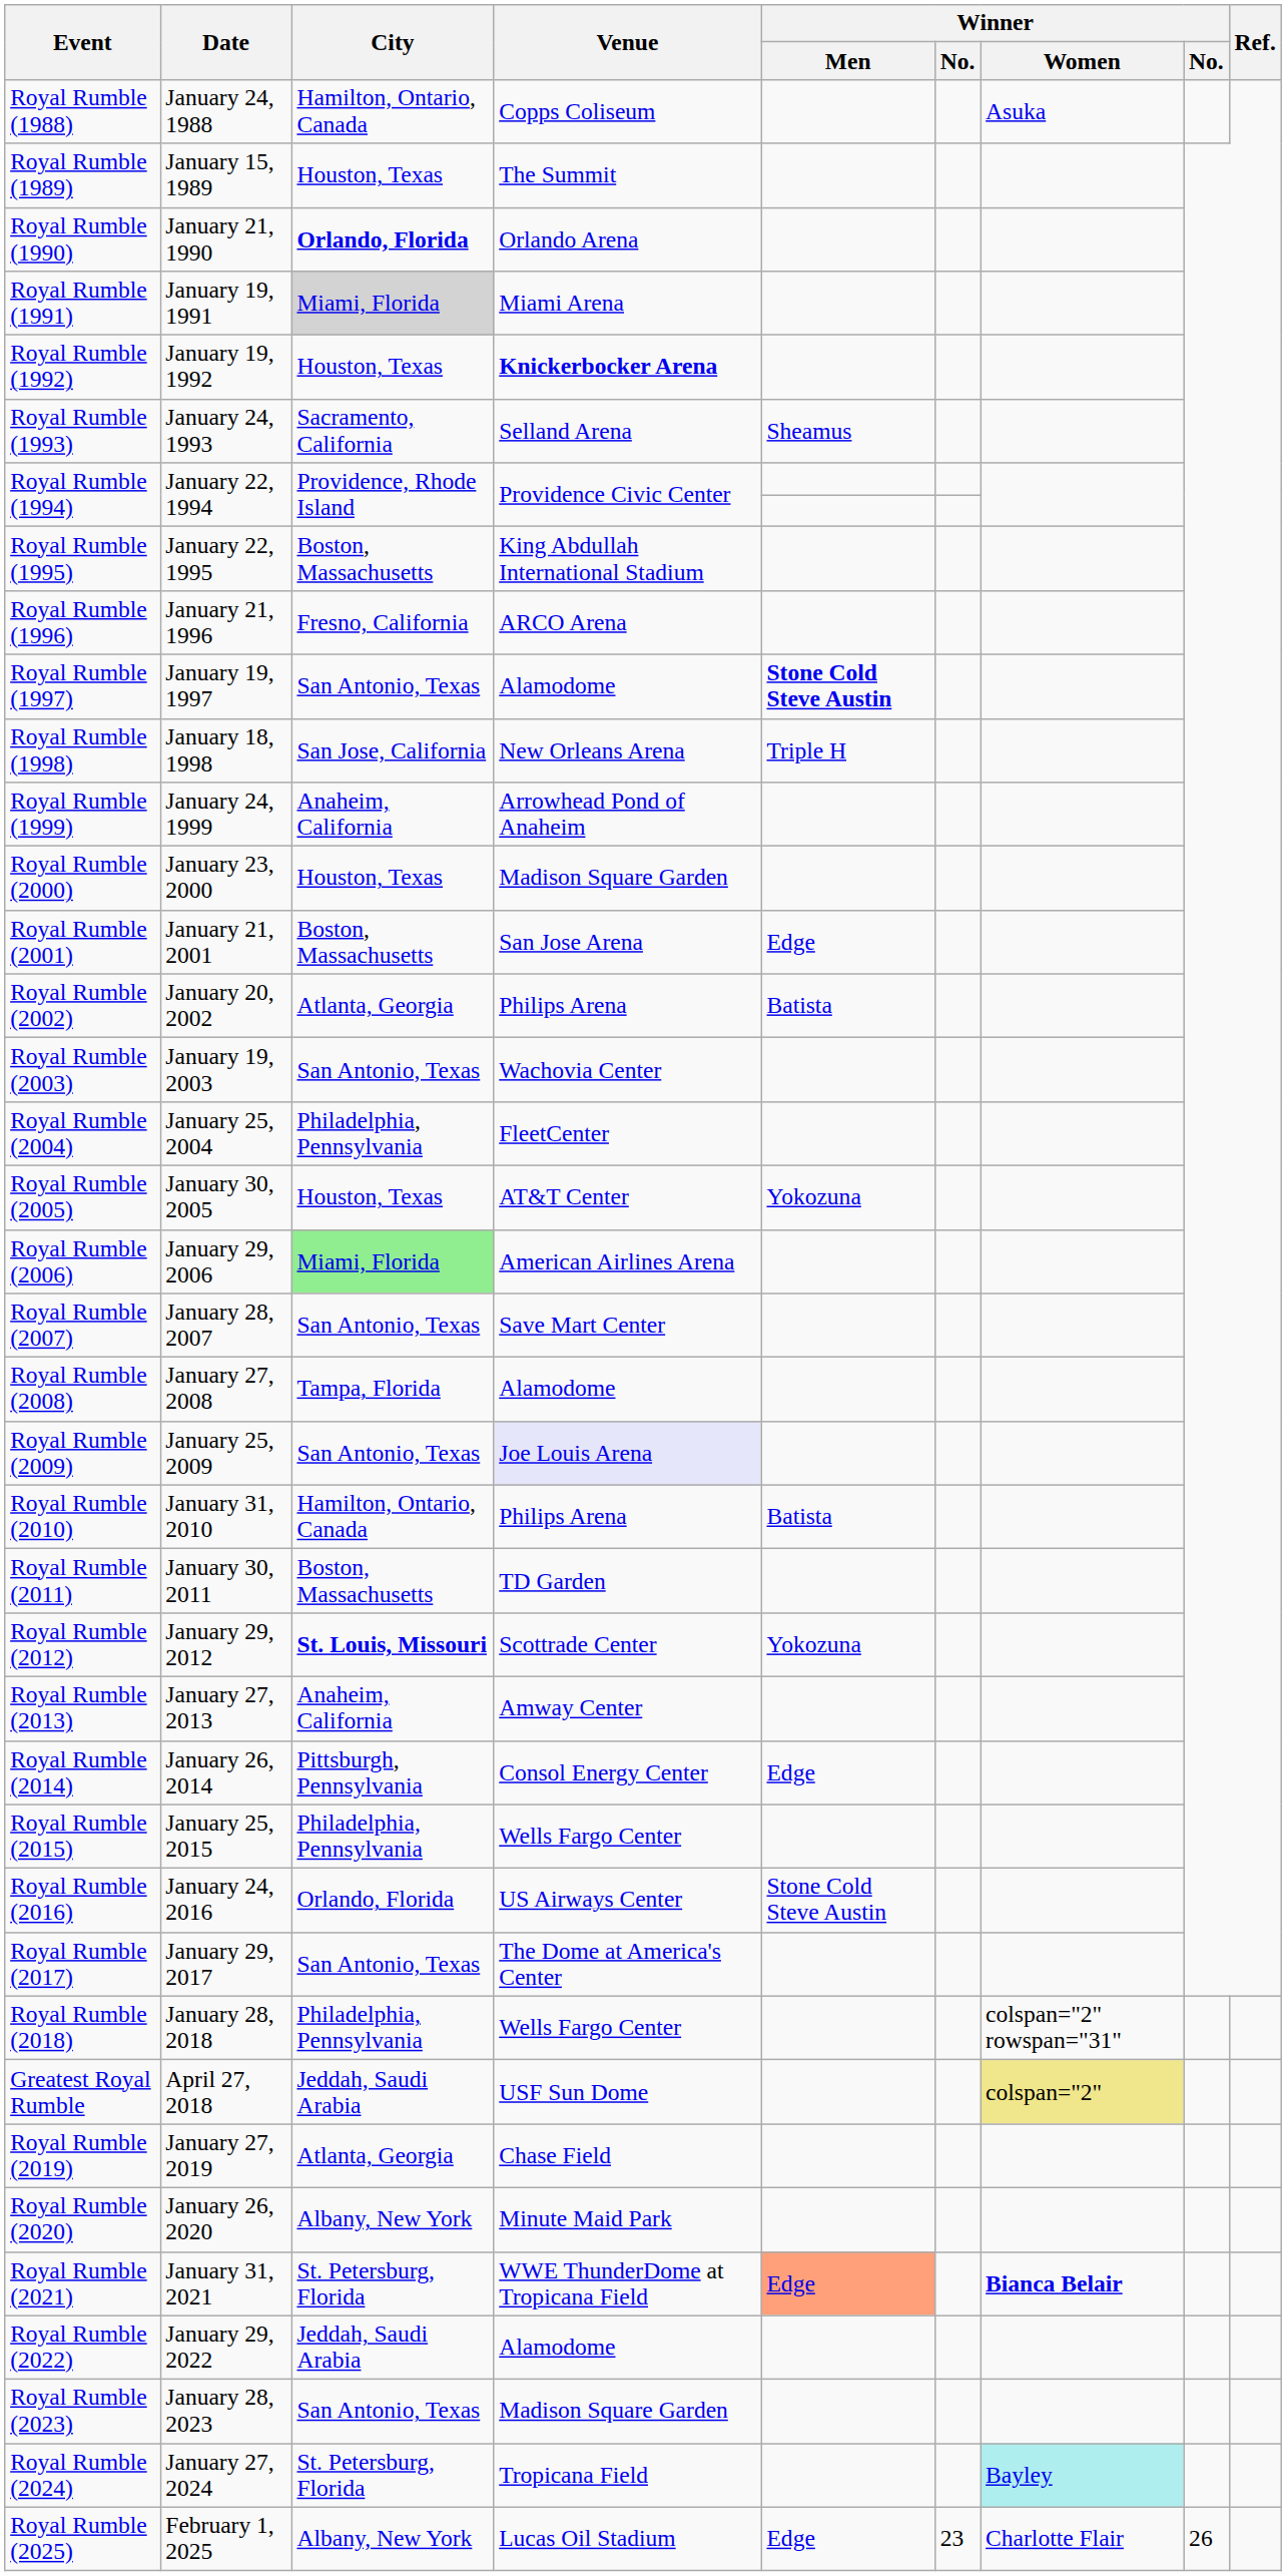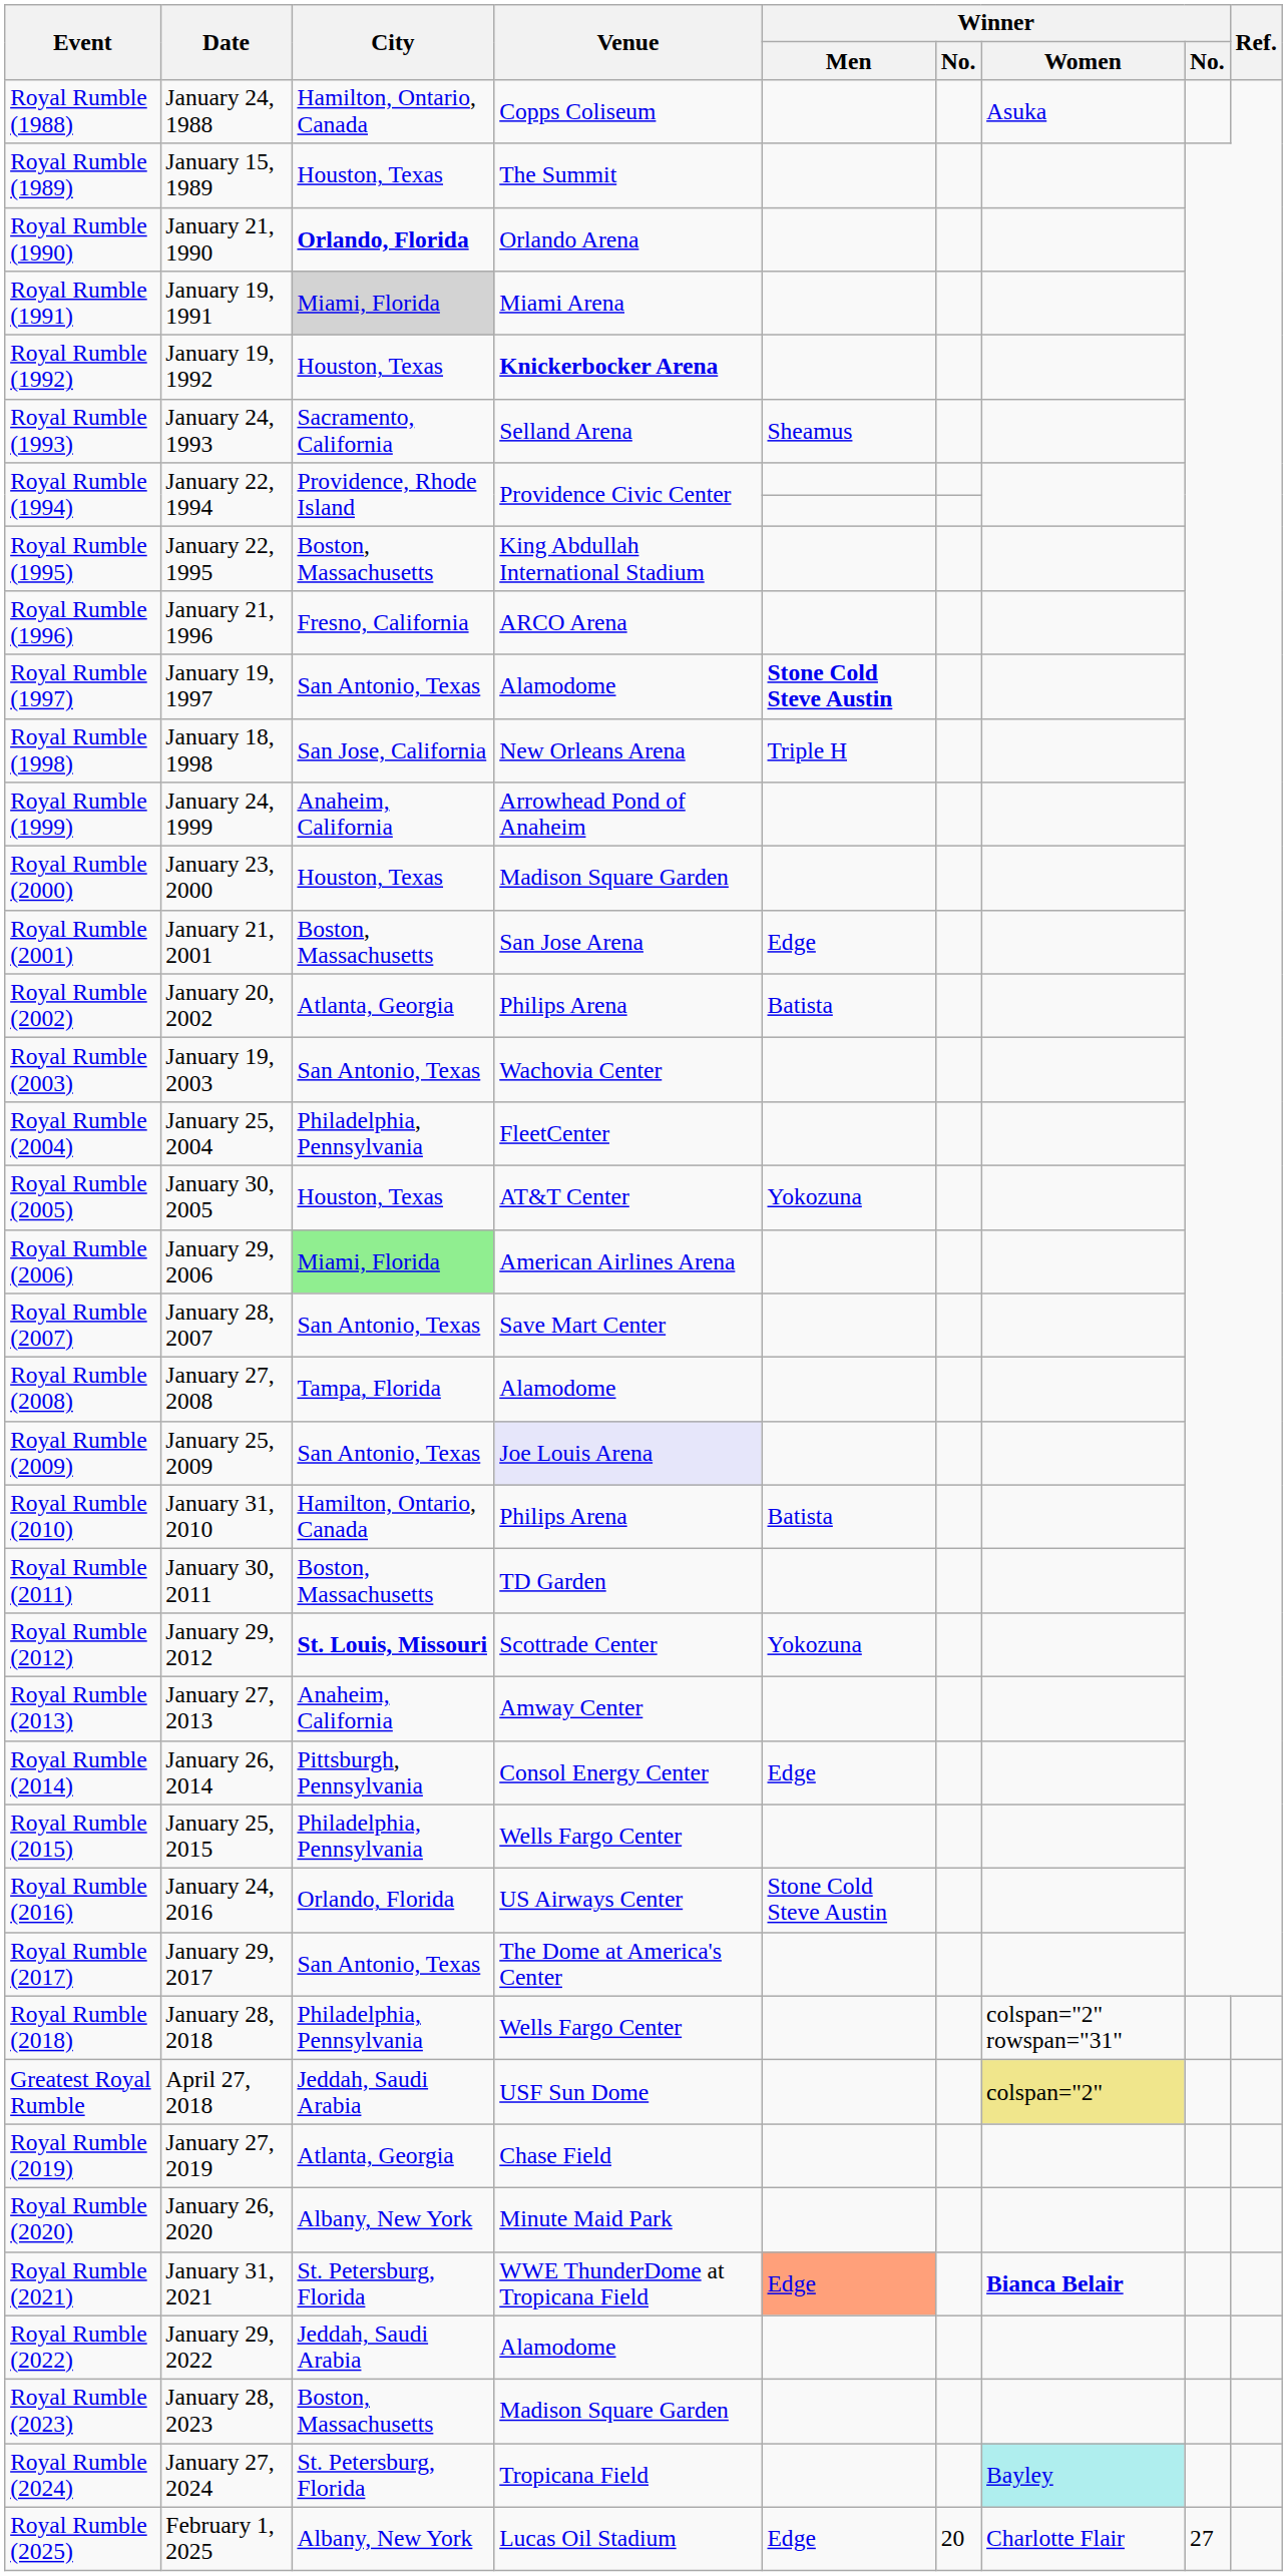 <table class="wikitable plainrowheaders sortable">
 <tr>
 <th rowspan="2">Event</th>
 <th rowspan="2">Date</th>
 <th rowspan="2">City</th>
 <th rowspan="2">Venue</th>
 <th colspan="4">Winner</th>
 <th class="unsortable" rowspan="2">Ref.</th>
 </tr>
 <tr>
 <th>Men</th>
 <th>No.</th>
 <th>Women</th>
 <th>No.</th>
 </tr>
 <tr>
 <td scope="row"><a href='#'>Royal Rumble (1988)</a></td>
 <td>January 24, 1988</td>
 <td><a href='#'>Hamilton, Ontario</a>, <a href='#'>Canada</a></td>
 <td><a href='#'>Copps Coliseum</a></td>
 <td></td>
 <td></td>
 <td><a href='#'>Asuka</a></td>
 <td></td>
 </tr>
 <tr>
 <td scope="row"><a href='#'>Royal Rumble (1989)</a></td>
 <td>January 15, 1989</td>
 <td><a href='#'>Houston, Texas</a></td>
 <td><a href='#'>The Summit</a></td>
 <td></td>
 <td></td>
 <td></td>
 </tr>
 <tr>
 <td scope="row"><a href='#'>Royal Rumble (1990)</a></td>
 <td>January 21, 1990</td>
 <td><strong><a href='#'>Orlando, Florida</a></strong></td>
 <td><a href='#'>Orlando Arena</a></td>
 <td></td>
 <td></td>
 <td></td>
 </tr>
 <tr>
 <td scope="row"><a href='#'>Royal Rumble (1991)</a></td>
 <td>January 19, 1991</td>
 <td style="background: lightgrey;"><a href='#'>Miami, Florida</a></td>
 <td><a href='#'>Miami Arena</a></td>
 <td></td>
 <td></td>
 <td></td>
 </tr>
 <tr>
 <td scope="row"><a href='#'>Royal Rumble (1992)</a></td>
 <td>January 19, 1992</td>
 <td><a href='#'>Houston, Texas</a></td>
 <td><strong><a href='#'>Knickerbocker Arena</a></strong></td>
 <td></td>
 <td></td>
 <td></td>
 </tr>
 <tr>
 <td scope="row"><a href='#'>Royal Rumble (1993)</a></td>
 <td>January 24, 1993</td>
 <td><a href='#'>Sacramento, California</a></td>
 <td><a href='#'>Selland Arena</a></td>
 <td><a href='#'>Sheamus</a></td>
 <td></td>
 <td></td>
 </tr>
 <tr>
 <td rowspan="2" scope="row"><a href='#'>Royal Rumble (1994)</a></td>
 <td rowspan="2">January 22, 1994</td>
 <td rowspan="2"><a href='#'>Providence, Rhode Island</a></td>
 <td rowspan="2"><a href='#'>Providence Civic Center</a></td>
 <td></td>
 <td></td>
 <td rowspan="2"></td>
 </tr>
 <tr>
 <td></td>
 <td></td>
 </tr>
 <tr>
 <td scope="row"><a href='#'>Royal Rumble (1995)</a></td>
 <td>January 22, 1995</td>
 <td><a href='#'>Boston</a>, <a href='#'>Massachusetts</a></td>
 <td><a href='#'>King Abdullah International Stadium</a></td>
 <td></td>
 <td></td>
 <td></td>
 </tr>
 <tr>
 <td scope="row"><a href='#'>Royal Rumble (1996)</a></td>
 <td>January 21, 1996</td>
 <td><a href='#'>Fresno, California</a></td>
 <td><a href='#'>ARCO Arena</a></td>
 <td></td>
 <td></td>
 <td></td>
 </tr>
 <tr>
 <td scope="row"><a href='#'>Royal Rumble (1997)</a></td>
 <td>January 19, 1997</td>
 <td><a href='#'>San Antonio, Texas</a></td>
 <td><a href='#'>Alamodome</a></td>
 <td><strong><a href='#'>Stone Cold Steve Austin</a></strong></td>
 <td></td>
 <td></td>
 </tr>
 <tr>
 <td scope="row"><a href='#'>Royal Rumble (1998)</a></td>
 <td>January 18, 1998</td>
 <td><a href='#'>San Jose, California</a></td>
 <td><a href='#'>New Orleans Arena</a></td>
 <td><a href='#'>Triple H</a></td>
 <td></td>
 <td></td>
 </tr>
 <tr>
 <td scope="row"><a href='#'>Royal Rumble (1999)</a></td>
 <td>January 24, 1999</td>
 <td><a href='#'>Anaheim, California</a></td>
 <td><a href='#'>Arrowhead Pond of Anaheim</a></td>
 <td></td>
 <td></td>
 <td></td>
 </tr>
 <tr>
 <td scope="row"><a href='#'>Royal Rumble (2000)</a></td>
 <td>January 23, 2000</td>
 <td><a href='#'>Houston, Texas</a></td>
 <td><a href='#'>Madison Square Garden</a></td>
 <td></td>
 <td></td>
 <td></td>
 </tr>
 <tr>
 <td scope="row"><a href='#'>Royal Rumble (2001)</a></td>
 <td>January 21, 2001</td>
 <td><a href='#'>Boston</a>, <a href='#'>Massachusetts</a></td>
 <td><a href='#'>San Jose Arena</a></td>
 <td><a href='#'>Edge</a></td>
 <td></td>
 <td></td>
 </tr>
 <tr>
 <td scope="row"><a href='#'>Royal Rumble (2002)</a></td>
 <td>January 20, 2002</td>
 <td><a href='#'>Atlanta, Georgia</a></td>
 <td><a href='#'>Philips Arena</a></td>
 <td><a href='#'>Batista</a></td>
 <td></td>
 <td></td>
 </tr>
 <tr>
 <td scope="row"><a href='#'>Royal Rumble (2003)</a></td>
 <td>January 19, 2003</td>
 <td><a href='#'>San Antonio, Texas</a></td>
 <td><a href='#'>Wachovia Center</a></td>
 <td></td>
 <td></td>
 <td></td>
 </tr>
 <tr>
 <td scope="row"><a href='#'>Royal Rumble (2004)</a></td>
 <td>January 25, 2004</td>
 <td><a href='#'>Philadelphia</a>, <a href='#'>Pennsylvania</a></td>
 <td><a href='#'>FleetCenter</a></td>
 <td></td>
 <td></td>
 <td></td>
 </tr>
 <tr>
 <td scope="row"><a href='#'>Royal Rumble (2005)</a></td>
 <td>January 30, 2005</td>
 <td><a href='#'>Houston, Texas</a></td>
 <td><a href='#'>AT&T Center</a></td>
 <td><a href='#'>Yokozuna</a></td>
 <td></td>
 <td></td>
 </tr>
 <tr>
 <td scope="row"><a href='#'>Royal Rumble (2006)</a></td>
 <td>January 29, 2006</td>
 <td style="background: lightgreen;"><a href='#'>Miami, Florida</a></td>
 <td><a href='#'>American Airlines Arena</a></td>
 <td></td>
 <td></td>
 <td></td>
 </tr>
 <tr>
 <td scope="row"><a href='#'>Royal Rumble (2007)</a></td>
 <td>January 28, 2007</td>
 <td><a href='#'>San Antonio, Texas</a></td>
 <td><a href='#'>Save Mart Center</a></td>
 <td></td>
 <td></td>
 <td></td>
 </tr>
 <tr>
 <td scope="row"><a href='#'>Royal Rumble (2008)</a></td>
 <td>January 27, 2008</td>
 <td><a href='#'>Tampa, Florida</a></td>
 <td><a href='#'>Alamodome</a></td>
 <td></td>
 <td></td>
 <td></td>
 </tr>
 <tr>
 <td scope="row"><a href='#'>Royal Rumble (2009)</a></td>
 <td>January 25, 2009</td>
 <td><a href='#'>San Antonio, Texas</a></td>
 <td style="background: lavender;"><a href='#'>Joe Louis Arena</a></td>
 <td></td>
 <td></td>
 <td></td>
 </tr>
 <tr>
 <td scope="row"><a href='#'>Royal Rumble (2010)</a></td>
 <td>January 31, 2010</td>
 <td><a href='#'>Hamilton, Ontario</a>, <a href='#'>Canada</a></td>
 <td><a href='#'>Philips Arena</a></td>
 <td><a href='#'>Batista</a></td>
 <td></td>
 <td></td>
 </tr>
 <tr>
 <td scope="row"><a href='#'>Royal Rumble (2011)</a></td>
 <td>January 30, 2011</td>
 <td><a href='#'>Boston, Massachusetts</a></td>
 <td><a href='#'>TD Garden</a></td>
 <td></td>
 <td></td>
 <td></td>
 </tr>
 <tr>
 <td scope="row"><a href='#'>Royal Rumble (2012)</a></td>
 <td>January 29, 2012</td>
 <td><strong><a href='#'>St. Louis, Missouri</a></strong></td>
 <td><a href='#'>Scottrade Center</a></td>
 <td><a href='#'>Yokozuna</a></td>
 <td></td>
 <td></td>
 </tr>
 <tr>
 <td scope="row"><a href='#'>Royal Rumble (2013)</a></td>
 <td>January 27, 2013</td>
 <td><a href='#'>Anaheim, California</a></td>
 <td><a href='#'>Amway Center</a></td>
 <td></td>
 <td></td>
 <td></td>
 </tr>
 <tr>
 <td scope="row"><a href='#'>Royal Rumble (2014)</a></td>
 <td>January 26, 2014</td>
 <td><a href='#'>Pittsburgh</a>, <a href='#'>Pennsylvania</a></td>
 <td><a href='#'>Consol Energy Center</a></td>
 <td><a href='#'>Edge</a></td>
 <td></td>
 <td></td>
 </tr>
 <tr>
 <td scope="row"><a href='#'>Royal Rumble (2015)</a></td>
 <td>January 25, 2015</td>
 <td><a href='#'>Philadelphia, Pennsylvania</a></td>
 <td><a href='#'>Wells Fargo Center</a></td>
 <td></td>
 <td></td>
 <td></td>
 </tr>
 <tr>
 <td scope="row"><a href='#'>Royal Rumble (2016)</a></td>
 <td>January 24, 2016</td>
 <td><a href='#'>Orlando, Florida</a></td>
 <td><a href='#'>US Airways Center</a></td>
 <td><a href='#'>Stone Cold Steve Austin</a></td>
 <td></td>
 <td></td>
 </tr>
 <tr>
 <td scope="row"><a href='#'>Royal Rumble (2017)</a></td>
 <td>January 29, 2017</td>
 <td><a href='#'>San Antonio, Texas</a></td>
 <td><a href='#'>The Dome at America's Center</a></td>
 <td></td>
 <td></td>
 <td></td>
 </tr>
 <tr>
 <td scope="row"><a href='#'>Royal Rumble (2018)</a></td>
 <td>January 28, 2018</td>
 <td><a href='#'>Philadelphia, Pennsylvania</a></td>
 <td><a href='#'>Wells Fargo Center</a></td>
 <td></td>
 <td></td>
 <td>colspan="2" rowspan="31" </td>
 <td></td>
 <td></td>
 </tr>
 <tr>
 <td scope="row"><a href='#'>Greatest Royal Rumble</a></td>
 <td>April 27, 2018</td>
 <td><a href='#'>Jeddah, Saudi Arabia</a></td>
 <td><a href='#'>USF Sun Dome</a></td>
 <td></td>
 <td></td>
 <td style="background: khaki;">colspan="2" </td>
 <td></td>
 </tr>
 <tr>
 <td scope="row"><a href='#'>Royal Rumble (2019)</a></td>
 <td>January 27, 2019</td>
 <td><a href='#'>Atlanta, Georgia</a></td>
 <td><a href='#'>Chase Field</a></td>
 <td></td>
 <td></td>
 <td></td>
 <td></td>
 <td></td>
 </tr>
 <tr>
 <td scope="row"><a href='#'>Royal Rumble (2020)</a></td>
 <td>January 26, 2020</td>
 <td><a href='#'>Albany, New York</a></td>
 <td><a href='#'>Minute Maid Park</a></td>
 <td></td>
 <td></td>
 <td></td>
 <td></td>
 <td></td>
 </tr>
 <tr>
 <td scope="row"><a href='#'>Royal Rumble (2021)</a></td>
 <td>January 31, 2021</td>
 <td><a href='#'>St. Petersburg, Florida</a></td>
 <td><a href='#'>WWE ThunderDome</a> at <a href='#'>Tropicana Field</a></td>
 <td style="background: lightsalmon;"><a href='#'>Edge</a></td>
 <td></td>
 <td><strong><a href='#'>Bianca Belair</a></strong></td>
 <td></td>
 <td></td>
 </tr>
 <tr>
 <td scope="row"><a href='#'>Royal Rumble (2022)</a></td>
 <td>January 29, 2022</td>
 <td><a href='#'>Jeddah, Saudi Arabia</a></td>
 <td><a href='#'>Alamodome</a></td>
 <td></td>
 <td></td>
 <td></td>
 <td></td>
 <td></td>
 </tr>
 <tr>
 <td scope="row"><a href='#'>Royal Rumble (2023)</a></td>
 <td>January 28, 2023</td>
-<td><a href='#'>San Antonio, Texas</a></td>
+<td><a href='#'>Boston, Massachusetts</a></td>
 <td><a href='#'>Madison Square Garden</a></td>
 <td></td>
 <td></td>
 <td></td>
 <td></td>
 <td></td>
 </tr>
 <tr>
 <td><a href='#'>Royal Rumble (2024)</a></td>
 <td>January 27, 2024</td>
 <td><a href='#'>St. Petersburg, Florida</a></td>
 <td><a href='#'>Tropicana Field</a></td>
 <td></td>
 <td></td>
 <td style="background: paleturquoise;"><a href='#'>Bayley</a></td>
 <td></td>
 <td></td>
 </tr>
 <tr>
 <td><a href='#'>Royal Rumble (2025)</a></td>
 <td>February 1, 2025</td>
 <td><a href='#'>Albany, New York</a></td>
 <td><a href='#'>Lucas Oil Stadium</a></td>
 <td><a href='#'>Edge</a></td>
-<td>23</td>
+<td>20</td>
 <td><a href='#'>Charlotte Flair</a></td>
-<td>26</td>
+<td>27</td>
 <td></td>
 </tr>
 </table>
